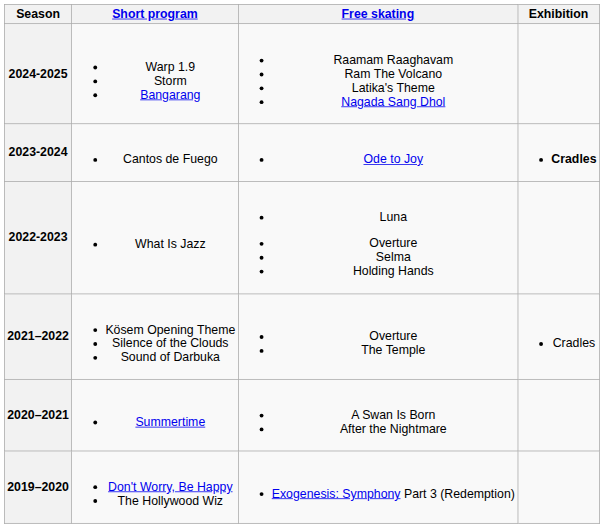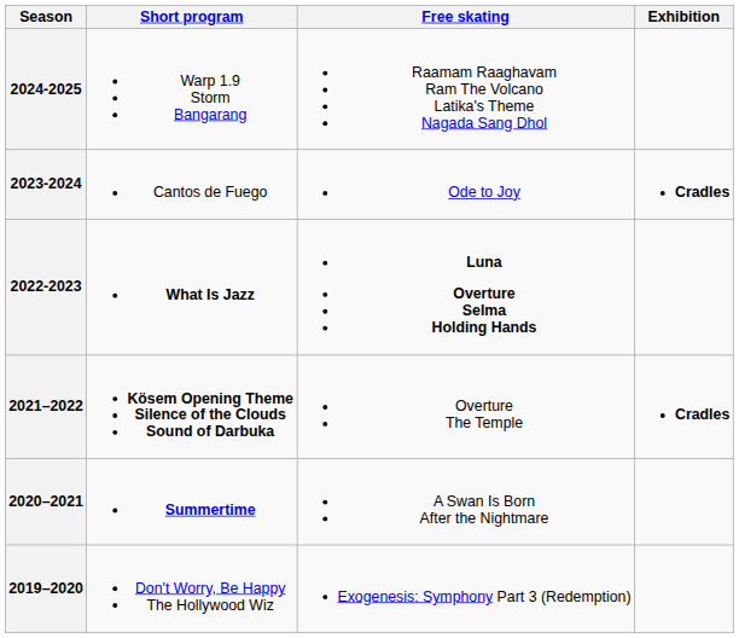 <table class=wikitable style=text-align:center>
 <tr>
 <th>Season</th>
 <th><a href='#'>Short program</a></th>
 <th><a href='#'>Free skating</a></th>
 <th>Exhibition</th>
 </tr>
 <tr>
 <th>2024-2025</th>
 <td><br><ul><li>Warp 1.9</li><li>Storm <br> </li><li><a href='#'>Bangarang</a> <br> </li></ul></td>
 <td><br><ul><li>Raamam Raaghavam</li><li>Ram The Volcano <br> </li><li>Latika's Theme <br> </li><li><a href='#'>Nagada Sang Dhol</a> <br> </li></ul></td>
 <td></td>
 </tr>
 <tr>
 <th>2023-2024</th>
 <td><br><ul><li>Cantos de Fuego <br> </li></ul></td>
 <td><br><ul><li><a href='#'>Ode to Joy</a><br> </li></ul></td>
 <td><strong><br><ul><li>Cradles <br> </li></ul></strong></td>
 </tr>
 <tr>
 <th>2022-2023</th>
-<td><br><ul><li>What Is Jazz <br> </li></ul></td>
-<td><br><ul><li>Luna <br> </li></ul><ul><li>Overture</li><li>Selma<br></li><li>Holding Hands<br></li></ul></td>
+<td><strong><br><ul><li>What Is Jazz <br> </li></ul></strong></td>
+<td><strong><br><ul><li>Luna <br> </li></ul><ul><li>Overture</li><li>Selma<br></li><li>Holding Hands<br></li></ul></strong></td>
 </tr>
 <tr>
 <th>2021–2022 <br> </th>
-<td><br><ul><li>Kösem Opening Theme</li><li>Silence of the Clouds <br> </li><li>Sound of Darbuka <br> </li></ul></td>
+<td><strong><br><ul><li>Kösem Opening Theme</li><li>Silence of the Clouds <br> </li><li>Sound of Darbuka <br> </li></ul></strong></td>
 <td><br><ul><li>Overture</li><li>The Temple <br> </li></ul></td>
-<td><br><ul><li>Cradles <br> </li></ul></td>
+<td><strong><br><ul><li>Cradles <br> </li></ul></strong></td>
 </tr>
 <tr>
 <th>2020–2021 <br> </th>
-<td><br><ul><li><a href='#'>Summertime</a> <br> </li></ul></td>
+<td><strong><br><ul><li><a href='#'>Summertime</a> <br> </li></ul></strong></td>
 <td><br><ul><li>A Swan Is Born <br> </li><li>After the Nightmare <br> </li></ul></td>
 <td></td>
 </tr>
 <tr>
 <th>2019–2020</th>
 <td><br><ul><li><a href='#'>Don't Worry, Be Happy</a></li><li>The Hollywood Wiz <br> </li></ul></td>
 <td><br><ul><li><a href='#'>Exogenesis: Symphony</a> Part 3 (Redemption) <br></li></ul></td>
 <td></td>
 </tr>
 </table>
